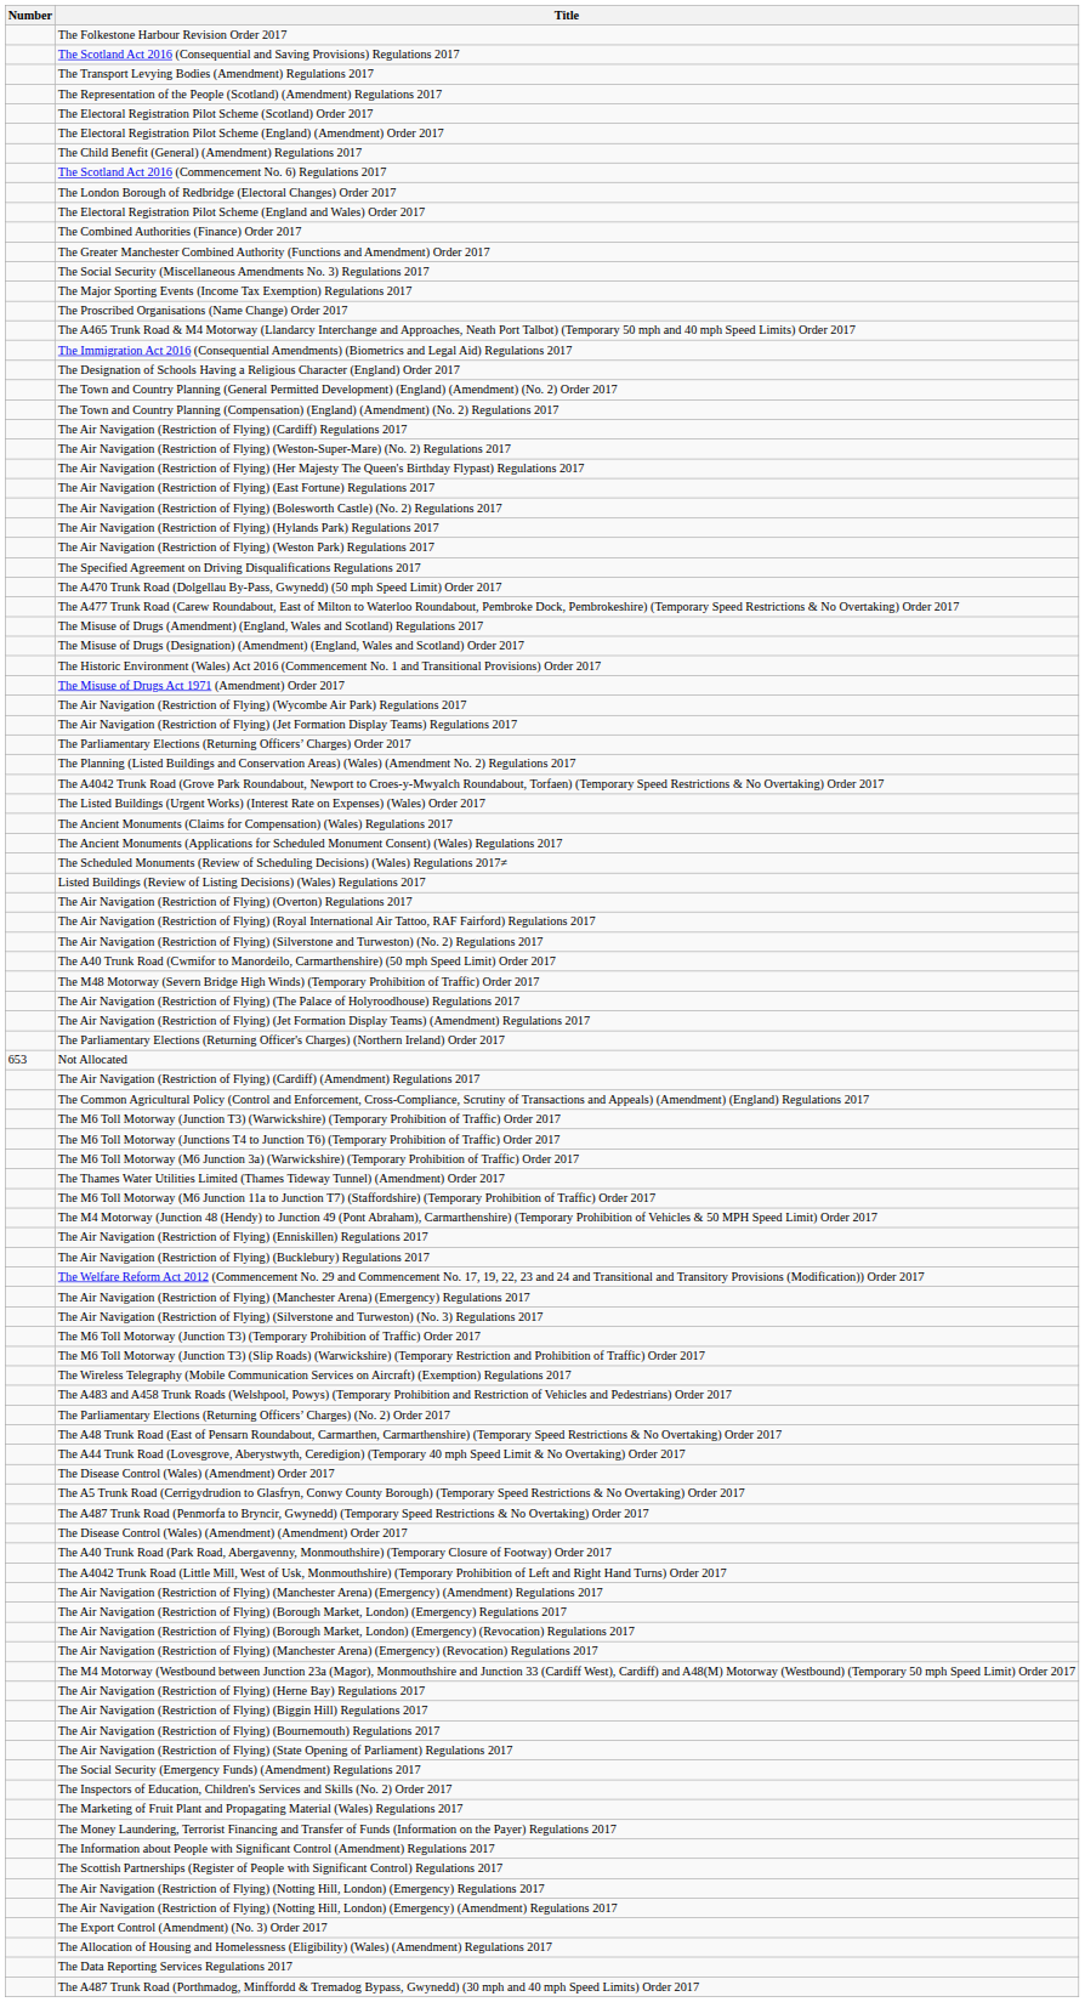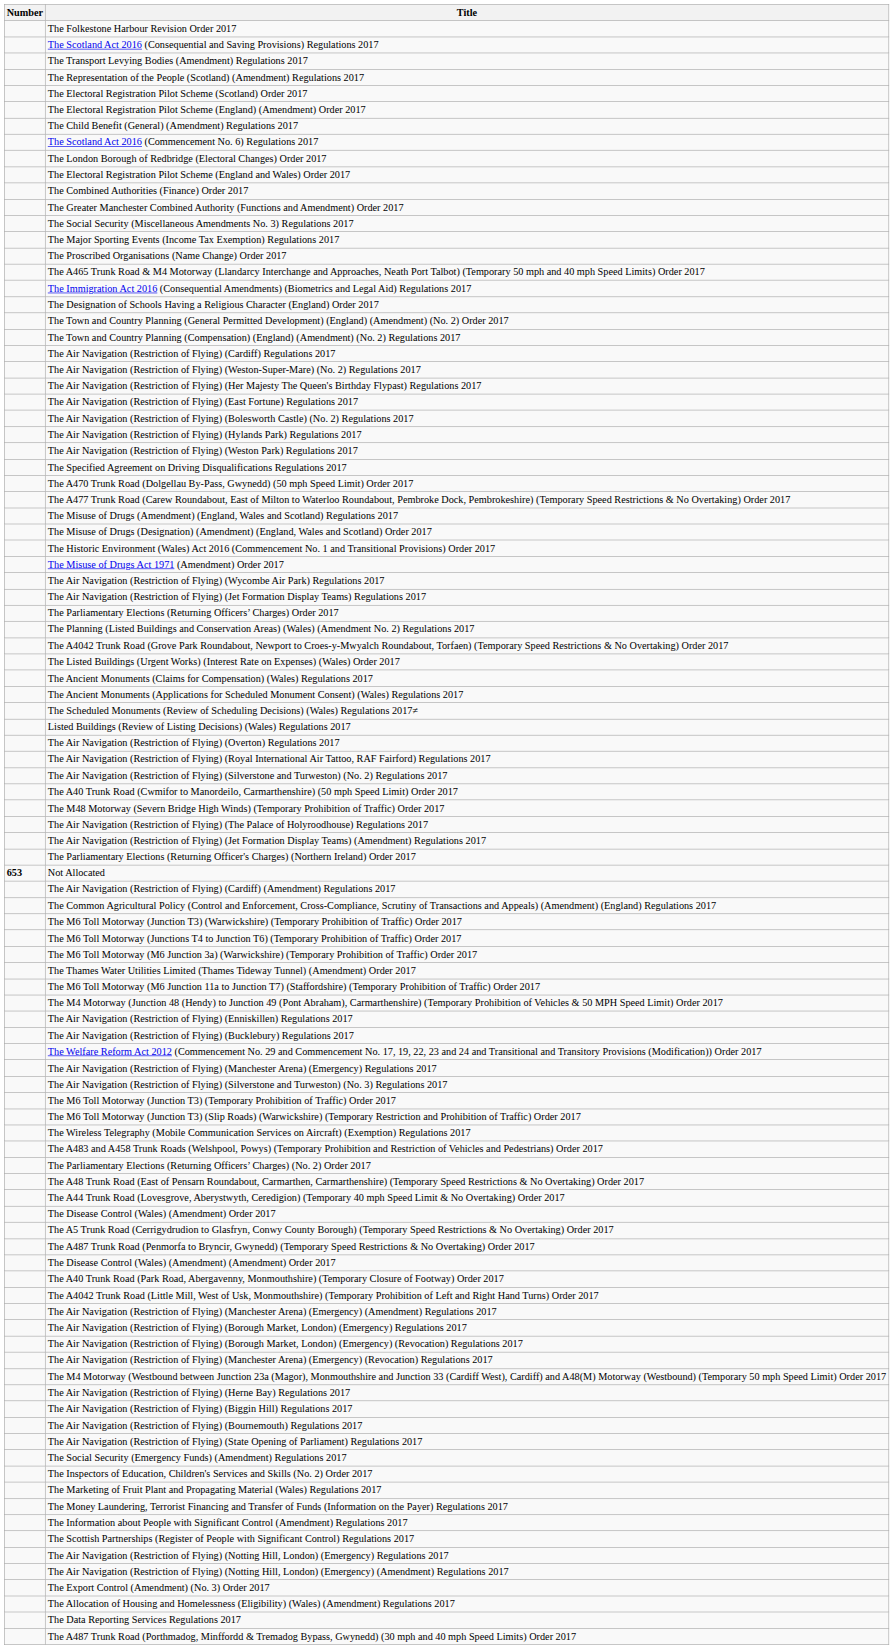 <table class="wikitable collapsible">
 <tr>
 <th>Number</th>
 <th>Title</th>
 </tr>
 <tr>
 <td></td>
 <td>The Folkestone Harbour Revision Order 2017</td>
 </tr>
 <tr>
 <td></td>
 <td><a href='#'>The Scotland Act 2016</a> (Consequential and Saving Provisions) Regulations 2017</td>
 </tr>
 <tr>
 <td></td>
 <td>The Transport Levying Bodies (Amendment) Regulations 2017</td>
 </tr>
 <tr>
 <td></td>
 <td>The Representation of the People (Scotland) (Amendment) Regulations 2017</td>
 </tr>
 <tr>
 <td></td>
 <td>The Electoral Registration Pilot Scheme (Scotland) Order 2017</td>
 </tr>
 <tr>
 <td></td>
 <td>The Electoral Registration Pilot Scheme (England) (Amendment) Order 2017</td>
 </tr>
 <tr>
 <td></td>
 <td>The Child Benefit (General) (Amendment) Regulations 2017</td>
 </tr>
 <tr>
 <td></td>
 <td><a href='#'>The Scotland Act 2016</a> (Commencement No. 6) Regulations 2017</td>
 </tr>
 <tr>
 <td></td>
 <td>The London Borough of Redbridge (Electoral Changes) Order 2017</td>
 </tr>
 <tr>
 <td></td>
 <td>The Electoral Registration Pilot Scheme (England and Wales) Order 2017</td>
 </tr>
 <tr>
 <td></td>
 <td>The Combined Authorities (Finance) Order 2017</td>
 </tr>
 <tr>
 <td></td>
 <td>The Greater Manchester Combined Authority (Functions and Amendment) Order 2017</td>
 </tr>
 <tr>
 <td></td>
 <td>The Social Security (Miscellaneous Amendments No. 3) Regulations 2017</td>
 </tr>
 <tr>
 <td></td>
 <td>The Major Sporting Events (Income Tax Exemption) Regulations 2017</td>
 </tr>
 <tr>
 <td></td>
 <td>The Proscribed Organisations (Name Change) Order 2017</td>
 </tr>
 <tr>
 <td></td>
 <td>The A465 Trunk Road & M4 Motorway (Llandarcy Interchange and Approaches, Neath Port Talbot) (Temporary 50 mph and 40 mph Speed Limits) Order 2017</td>
 </tr>
 <tr>
 <td></td>
 <td><a href='#'>The Immigration Act 2016</a> (Consequential Amendments) (Biometrics and Legal Aid) Regulations 2017</td>
 </tr>
 <tr>
 <td></td>
 <td>The Designation of Schools Having a Religious Character (England) Order 2017</td>
 </tr>
 <tr>
 <td></td>
 <td>The Town and Country Planning (General Permitted Development) (England) (Amendment) (No. 2) Order 2017</td>
 </tr>
 <tr>
 <td></td>
 <td>The Town and Country Planning (Compensation) (England) (Amendment) (No. 2) Regulations 2017</td>
 </tr>
 <tr>
 <td></td>
 <td>The Air Navigation (Restriction of Flying) (Cardiff) Regulations 2017</td>
 </tr>
 <tr>
 <td></td>
 <td>The Air Navigation (Restriction of Flying) (Weston-Super-Mare) (No. 2) Regulations 2017</td>
 </tr>
 <tr>
 <td></td>
 <td>The Air Navigation (Restriction of Flying) (Her Majesty The Queen's Birthday Flypast) Regulations 2017</td>
 </tr>
 <tr>
 <td></td>
 <td>The Air Navigation (Restriction of Flying) (East Fortune) Regulations 2017</td>
 </tr>
 <tr>
 <td></td>
 <td>The Air Navigation (Restriction of Flying) (Bolesworth Castle) (No. 2) Regulations 2017</td>
 </tr>
 <tr>
 <td></td>
 <td>The Air Navigation (Restriction of Flying) (Hylands Park) Regulations 2017</td>
 </tr>
 <tr>
 <td></td>
 <td>The Air Navigation (Restriction of Flying) (Weston Park) Regulations 2017</td>
 </tr>
 <tr>
 <td></td>
 <td>The Specified Agreement on Driving Disqualifications Regulations 2017</td>
 </tr>
 <tr>
 <td></td>
 <td>The A470 Trunk Road (Dolgellau By-Pass, Gwynedd) (50 mph Speed Limit) Order 2017</td>
 </tr>
 <tr>
 <td></td>
 <td>The A477 Trunk Road (Carew Roundabout, East of Milton to Waterloo Roundabout, Pembroke Dock, Pembrokeshire) (Temporary Speed Restrictions & No Overtaking) Order 2017</td>
 </tr>
 <tr>
 <td></td>
 <td>The Misuse of Drugs (Amendment) (England, Wales and Scotland) Regulations 2017</td>
 </tr>
 <tr>
 <td></td>
 <td>The Misuse of Drugs (Designation) (Amendment) (England, Wales and Scotland) Order 2017</td>
 </tr>
 <tr>
 <td></td>
 <td>The Historic Environment (Wales) Act 2016 (Commencement No. 1 and Transitional Provisions) Order 2017</td>
 </tr>
 <tr>
 <td></td>
 <td><a href='#'>The Misuse of Drugs Act 1971</a> (Amendment) Order 2017</td>
 </tr>
 <tr>
 <td></td>
 <td>The Air Navigation (Restriction of Flying) (Wycombe Air Park) Regulations 2017</td>
 </tr>
 <tr>
 <td></td>
 <td>The Air Navigation (Restriction of Flying) (Jet Formation Display Teams) Regulations 2017</td>
 </tr>
 <tr>
 <td></td>
 <td>The Parliamentary Elections (Returning Officers’ Charges) Order 2017</td>
 </tr>
 <tr>
 <td></td>
 <td>The Planning (Listed Buildings and Conservation Areas) (Wales) (Amendment No. 2) Regulations 2017</td>
 </tr>
 <tr>
 <td></td>
 <td>The A4042 Trunk Road (Grove Park Roundabout, Newport to Croes-y-Mwyalch Roundabout, Torfaen) (Temporary Speed Restrictions & No Overtaking) Order 2017</td>
 </tr>
 <tr>
 <td></td>
 <td>The Listed Buildings (Urgent Works) (Interest Rate on Expenses) (Wales) Order 2017</td>
 </tr>
 <tr>
 <td></td>
 <td>The Ancient Monuments (Claims for Compensation) (Wales) Regulations 2017</td>
 </tr>
 <tr>
 <td></td>
 <td>The Ancient Monuments (Applications for Scheduled Monument Consent) (Wales) Regulations 2017</td>
 </tr>
 <tr>
 <td></td>
 <td>The Scheduled Monuments (Review of Scheduling Decisions) (Wales) Regulations 2017≠</td>
 </tr>
 <tr>
 <td></td>
 <td>Listed Buildings (Review of Listing Decisions) (Wales) Regulations 2017</td>
 </tr>
 <tr>
 <td></td>
 <td>The Air Navigation (Restriction of Flying) (Overton) Regulations 2017</td>
 </tr>
 <tr>
 <td></td>
 <td>The Air Navigation (Restriction of Flying) (Royal International Air Tattoo, RAF Fairford) Regulations 2017</td>
 </tr>
 <tr>
 <td></td>
 <td>The Air Navigation (Restriction of Flying) (Silverstone and Turweston) (No. 2) Regulations 2017</td>
 </tr>
 <tr>
 <td></td>
 <td>The A40 Trunk Road (Cwmifor to Manordeilo, Carmarthenshire) (50 mph Speed Limit) Order 2017</td>
 </tr>
 <tr>
 <td></td>
 <td>The M48 Motorway (Severn Bridge High Winds) (Temporary Prohibition of Traffic) Order 2017</td>
 </tr>
 <tr>
 <td></td>
 <td>The Air Navigation (Restriction of Flying) (The Palace of Holyroodhouse) Regulations 2017</td>
 </tr>
 <tr>
 <td></td>
 <td>The Air Navigation (Restriction of Flying) (Jet Formation Display Teams) (Amendment) Regulations 2017</td>
 </tr>
 <tr>
 <td></td>
 <td>The Parliamentary Elections (Returning Officer's Charges) (Northern Ireland) Order 2017</td>
 </tr>
 <tr>
-<td>653</td>
+<td><strong>653</strong></td>
 <td>Not Allocated</td>
 </tr>
 <tr>
 <td></td>
 <td>The Air Navigation (Restriction of Flying) (Cardiff) (Amendment) Regulations 2017</td>
 </tr>
 <tr>
 <td></td>
 <td>The Common Agricultural Policy (Control and Enforcement, Cross-Compliance, Scrutiny of Transactions and Appeals) (Amendment) (England) Regulations 2017</td>
 </tr>
 <tr>
 <td></td>
 <td>The M6 Toll Motorway (Junction T3) (Warwickshire) (Temporary Prohibition of Traffic) Order 2017</td>
 </tr>
 <tr>
 <td></td>
 <td>The M6 Toll Motorway (Junctions T4 to Junction T6) (Temporary Prohibition of Traffic) Order 2017</td>
 </tr>
 <tr>
 <td></td>
 <td>The M6 Toll Motorway (M6 Junction 3a) (Warwickshire) (Temporary Prohibition of Traffic) Order 2017</td>
 </tr>
 <tr>
 <td></td>
 <td>The Thames Water Utilities Limited (Thames Tideway Tunnel) (Amendment) Order 2017</td>
 </tr>
 <tr>
 <td></td>
 <td>The M6 Toll Motorway (M6 Junction 11a to Junction T7) (Staffordshire) (Temporary Prohibition of Traffic) Order 2017</td>
 </tr>
 <tr>
 <td></td>
 <td>The M4 Motorway (Junction 48 (Hendy) to Junction 49 (Pont Abraham), Carmarthenshire) (Temporary Prohibition of Vehicles & 50 MPH Speed Limit) Order 2017</td>
 </tr>
 <tr>
 <td></td>
 <td>The Air Navigation (Restriction of Flying) (Enniskillen) Regulations 2017</td>
 </tr>
 <tr>
 <td></td>
 <td>The Air Navigation (Restriction of Flying) (Bucklebury) Regulations 2017</td>
 </tr>
 <tr>
 <td></td>
 <td><a href='#'>The Welfare Reform Act 2012</a> (Commencement No. 29 and Commencement No. 17, 19, 22, 23 and 24 and Transitional and Transitory Provisions (Modification)) Order 2017</td>
 </tr>
 <tr>
 <td></td>
 <td>The Air Navigation (Restriction of Flying) (Manchester Arena) (Emergency) Regulations 2017</td>
 </tr>
 <tr>
 <td></td>
 <td>The Air Navigation (Restriction of Flying) (Silverstone and Turweston) (No. 3) Regulations 2017</td>
 </tr>
 <tr>
 <td></td>
 <td>The M6 Toll Motorway (Junction T3) (Temporary Prohibition of Traffic) Order 2017</td>
 </tr>
 <tr>
 <td></td>
 <td>The M6 Toll Motorway (Junction T3) (Slip Roads) (Warwickshire) (Temporary Restriction and Prohibition of Traffic) Order 2017</td>
 </tr>
 <tr>
 <td></td>
 <td>The Wireless Telegraphy (Mobile Communication Services on Aircraft) (Exemption) Regulations 2017</td>
 </tr>
 <tr>
 <td></td>
 <td>The A483 and A458 Trunk Roads (Welshpool, Powys) (Temporary Prohibition and Restriction of Vehicles and Pedestrians) Order 2017</td>
 </tr>
 <tr>
 <td></td>
 <td>The Parliamentary Elections (Returning Officers’ Charges) (No. 2) Order 2017</td>
 </tr>
 <tr>
 <td></td>
 <td>The A48 Trunk Road (East of Pensarn Roundabout, Carmarthen, Carmarthenshire) (Temporary Speed Restrictions & No Overtaking) Order 2017</td>
 </tr>
 <tr>
 <td></td>
 <td>The A44 Trunk Road (Lovesgrove, Aberystwyth, Ceredigion) (Temporary 40 mph Speed Limit & No Overtaking) Order 2017</td>
 </tr>
 <tr>
 <td></td>
 <td>The Disease Control (Wales) (Amendment) Order 2017</td>
 </tr>
 <tr>
 <td></td>
 <td>The A5 Trunk Road (Cerrigydrudion to Glasfryn, Conwy County Borough) (Temporary Speed Restrictions & No Overtaking) Order 2017</td>
 </tr>
 <tr>
 <td></td>
 <td>The A487 Trunk Road (Penmorfa to Bryncir, Gwynedd) (Temporary Speed Restrictions & No Overtaking) Order 2017</td>
 </tr>
 <tr>
 <td></td>
 <td>The Disease Control (Wales) (Amendment) (Amendment) Order 2017</td>
 </tr>
 <tr>
 <td></td>
 <td>The A40 Trunk Road (Park Road, Abergavenny, Monmouthshire) (Temporary Closure of Footway) Order 2017</td>
 </tr>
 <tr>
 <td></td>
 <td>The A4042 Trunk Road (Little Mill, West of Usk, Monmouthshire) (Temporary Prohibition of Left and Right Hand Turns) Order 2017</td>
 </tr>
 <tr>
 <td></td>
 <td>The Air Navigation (Restriction of Flying) (Manchester Arena) (Emergency) (Amendment) Regulations 2017</td>
 </tr>
 <tr>
 <td></td>
 <td>The Air Navigation (Restriction of Flying) (Borough Market, London) (Emergency) Regulations 2017</td>
 </tr>
 <tr>
 <td></td>
 <td>The Air Navigation (Restriction of Flying) (Borough Market, London) (Emergency) (Revocation) Regulations 2017</td>
 </tr>
 <tr>
 <td></td>
 <td>The Air Navigation (Restriction of Flying) (Manchester Arena) (Emergency) (Revocation) Regulations 2017</td>
 </tr>
 <tr>
 <td></td>
 <td>The M4 Motorway (Westbound between Junction 23a (Magor), Monmouthshire and Junction 33 (Cardiff West), Cardiff) and A48(M) Motorway (Westbound) (Temporary 50 mph Speed Limit) Order 2017</td>
 </tr>
 <tr>
 <td></td>
 <td>The Air Navigation (Restriction of Flying) (Herne Bay) Regulations 2017</td>
 </tr>
 <tr>
 <td></td>
 <td>The Air Navigation (Restriction of Flying) (Biggin Hill) Regulations 2017</td>
 </tr>
 <tr>
 <td></td>
 <td>The Air Navigation (Restriction of Flying) (Bournemouth) Regulations 2017</td>
 </tr>
 <tr>
 <td></td>
 <td>The Air Navigation (Restriction of Flying) (State Opening of Parliament) Regulations 2017</td>
 </tr>
 <tr>
 <td></td>
 <td>The Social Security (Emergency Funds) (Amendment) Regulations 2017</td>
 </tr>
 <tr>
 <td></td>
 <td>The Inspectors of Education, Children's Services and Skills (No. 2) Order 2017</td>
 </tr>
 <tr>
 <td></td>
 <td>The Marketing of Fruit Plant and Propagating Material (Wales) Regulations 2017</td>
 </tr>
 <tr>
 <td></td>
 <td>The Money Laundering, Terrorist Financing and Transfer of Funds (Information on the Payer) Regulations 2017</td>
 </tr>
 <tr>
 <td></td>
 <td>The Information about People with Significant Control (Amendment) Regulations 2017</td>
 </tr>
 <tr>
 <td></td>
 <td>The Scottish Partnerships (Register of People with Significant Control) Regulations 2017</td>
 </tr>
 <tr>
 <td></td>
 <td>The Air Navigation (Restriction of Flying) (Notting Hill, London) (Emergency) Regulations 2017</td>
 </tr>
 <tr>
 <td></td>
 <td>The Air Navigation (Restriction of Flying) (Notting Hill, London) (Emergency) (Amendment) Regulations 2017</td>
 </tr>
 <tr>
 <td></td>
 <td>The Export Control (Amendment) (No. 3) Order 2017</td>
 </tr>
 <tr>
 <td></td>
 <td>The Allocation of Housing and Homelessness (Eligibility) (Wales) (Amendment) Regulations 2017</td>
 </tr>
 <tr>
 <td></td>
 <td>The Data Reporting Services Regulations 2017</td>
 </tr>
 <tr>
 <td></td>
 <td>The A487 Trunk Road (Porthmadog, Minffordd & Tremadog Bypass, Gwynedd) (30 mph and 40 mph Speed Limits) Order 2017</td>
 </tr>
 </table>
